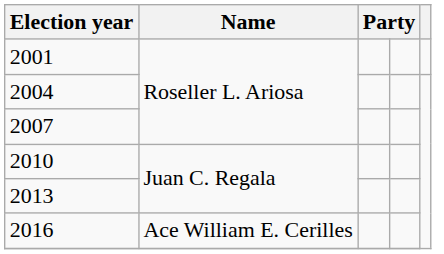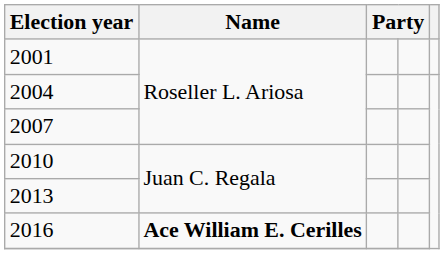 <table class="wikitable">
 <tr>
 <th>Election year</th>
 <th>Name</th>
 <th colspan="2">Party</th>
 <th></th>
 </tr>
 <tr>
 <td>2001</td>
 <td rowspan="3">Roseller L. Ariosa</td>
 <td></td>
 <td></td>
 <td></td>
 </tr>
 <tr>
 <td>2004</td>
 <td></td>
 <td></td>
 </tr>
 <tr>
 <td>2007</td>
 <td></td>
 <td></td>
 </tr>
 <tr>
 <td>2010</td>
 <td rowspan="2">Juan C. Regala</td>
 <td></td>
 <td></td>
 </tr>
 <tr>
 <td>2013</td>
 <td></td>
 <td></td>
 </tr>
 <tr>
 <td>2016</td>
-<td>Ace William E. Cerilles</td>
+<td><strong>Ace William E. Cerilles</strong></td>
 <td></td>
 <td></td>
 </tr>
 <tr>
 </tr>
 </table>
